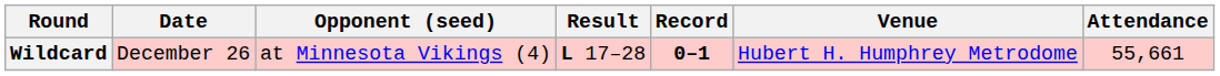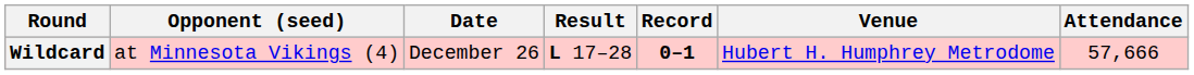 <table class="wikitable" style="text-align:center">
 <tr>
 <th>Round</th>
+<th>Opponent (seed)</th>
 <th>Date</th>
-<th>Opponent (seed)</th>
 <th>Result</th>
 <th>Record</th>
 <th>Venue</th>
 <th>Attendance</th>
 </tr>
 <tr style="background:#fcc">
 <th>Wildcard</th>
+<td>at <a href='#'>Minnesota Vikings</a> (4)</td>
 <td>December 26</td>
-<td>at <a href='#'>Minnesota Vikings</a> (4)</td>
 <td><strong>L</strong> 17–28</td>
 <td><strong>0–1</strong></td>
 <td><a href='#'>Hubert H. Humphrey Metrodome</a></td>
-<td>55,661</td>
+<td>57,666</td>
 </tr>
 </table>
